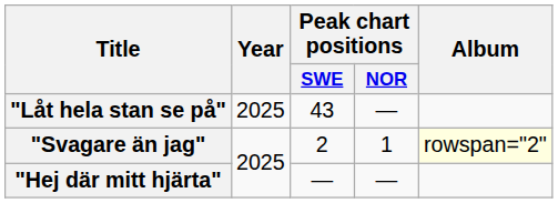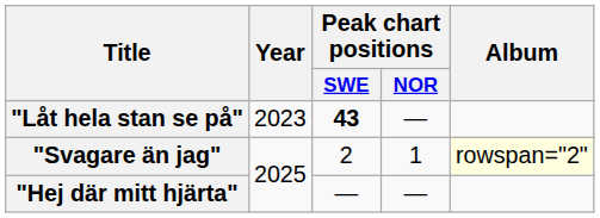 <table class="wikitable plainrowheaders" style="text-align:center;">
 <tr>
 <th scope="col" rowspan="2">Title</th>
 <th scope="col" rowspan="2">Year</th>
 <th scope="col" colspan="2">Peak chart positions</th>
 <th scope="col" rowspan="2">Album</th>
 </tr>
 <tr>
 <th scope="col" style="width:3em;font-size:85%;"><a href='#'>SWE</a><br></th>
 <th scope="col" style="width:3em;font-size:85%;"><a href='#'>NOR</a><br></th>
 </tr>
 <tr>
 <th scope="row">"Låt hela stan se på"</th>
-<td>2025</td>
-<td>43</td>
+<td>2023</td>
+<td><strong>43</strong></td>
 <td>—</td>
 <td></td>
 </tr>
 <tr>
 <th scope="row">"Svagare än jag"</th>
 <td rowspan="2">2025</td>
 <td>2<br></td>
 <td>1</td>
 <td style="background: lightyellow;">rowspan="2" </td>
 </tr>
 <tr>
 <th scope="row">"Hej där mitt hjärta"</th>
 <td>—</td>
 <td>—</td>
 </tr>
 </table>
